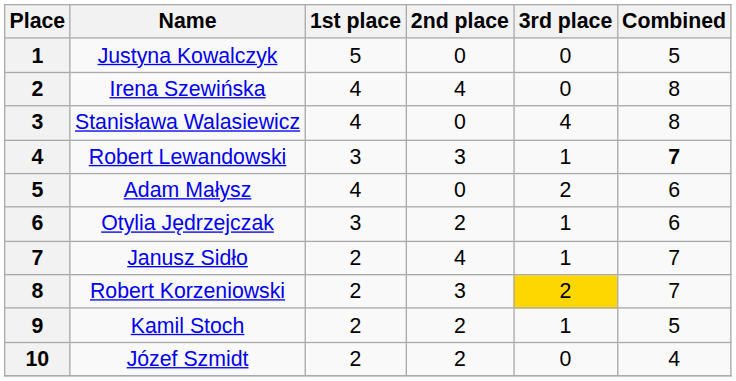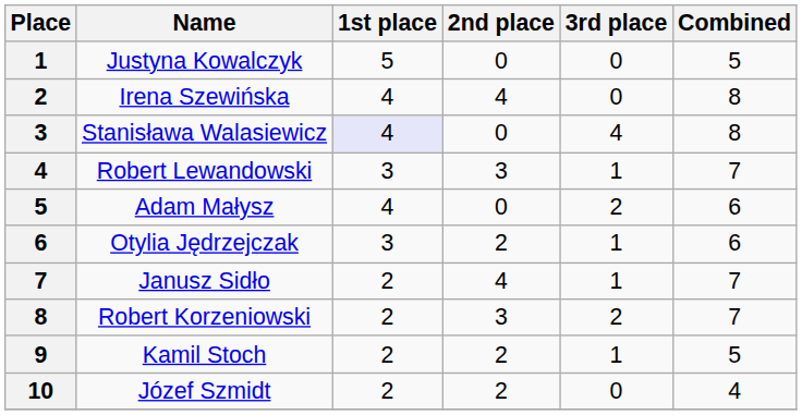 <table class="wikitable plainrowheaders sortable">
 <tr>
 <th scope=col>Place</th>
 <th scope=col>Name</th>
 <th scope=col>1st place</th>
 <th scope=col>2nd place</th>
 <th scope=col>3rd place</th>
 <th scope=col>Combined</th>
 </tr>
 <tr>
 <th scope=row>1</th>
 <td align=center><a href='#'>Justyna Kowalczyk</a></td>
 <td align=center>5</td>
 <td align=center>0</td>
 <td align=center>0</td>
 <td align=center>5</td>
 </tr>
 <tr>
 <th scope=row>2</th>
 <td align=center><a href='#'>Irena Szewińska</a></td>
 <td align=center>4</td>
 <td align=center>4</td>
 <td align=center>0</td>
 <td align=center>8</td>
 </tr>
 <tr>
 <th scope=row>3</th>
 <td align=center><a href='#'>Stanisława Walasiewicz</a></td>
-<td align=center>4</td>
+<td align=center style="background: lavender;">4</td>
 <td align=center>0</td>
 <td align=center>4</td>
 <td align=center>8</td>
 </tr>
 <tr>
 <th scope=row>4</th>
 <td align=center><a href='#'>Robert Lewandowski</a></td>
 <td align=center>3</td>
 <td align=center>3</td>
 <td align=center>1</td>
-<td align=center><strong>7</strong></td>
+<td align=center>7</td>
 </tr>
 <tr>
 <th scope=row>5</th>
 <td align=center><a href='#'>Adam Małysz</a></td>
 <td align=center>4</td>
 <td align=center>0</td>
 <td align=center>2</td>
 <td align=center>6</td>
 </tr>
 <tr>
 <th scope=row>6</th>
 <td align=center><a href='#'>Otylia Jędrzejczak</a></td>
 <td align=center>3</td>
 <td align=center>2</td>
 <td align=center>1</td>
 <td align=center>6</td>
 </tr>
 <tr>
 <th scope=row>7</th>
 <td align=center><a href='#'>Janusz Sidło</a></td>
 <td align=center>2</td>
 <td align=center>4</td>
 <td align=center>1</td>
 <td align=center>7</td>
 </tr>
 <tr>
 <th scope=row>8</th>
 <td align=center><a href='#'>Robert Korzeniowski</a></td>
 <td align=center>2</td>
 <td align=center>3</td>
-<td align=center style="background: gold;">2</td>
+<td align=center>2</td>
 <td align=center>7</td>
 </tr>
 <tr>
 <th scope=row>9</th>
 <td align=center><a href='#'>Kamil Stoch</a></td>
 <td align=center>2</td>
 <td align=center>2</td>
 <td align=center>1</td>
 <td align=center>5</td>
 </tr>
 <tr>
 <th scope=row>10</th>
 <td align=center><a href='#'>Józef Szmidt</a></td>
 <td align=center>2</td>
 <td align=center>2</td>
 <td align=center>0</td>
 <td align=center>4</td>
 </tr>
 <tr>
 </tr>
 </table>
